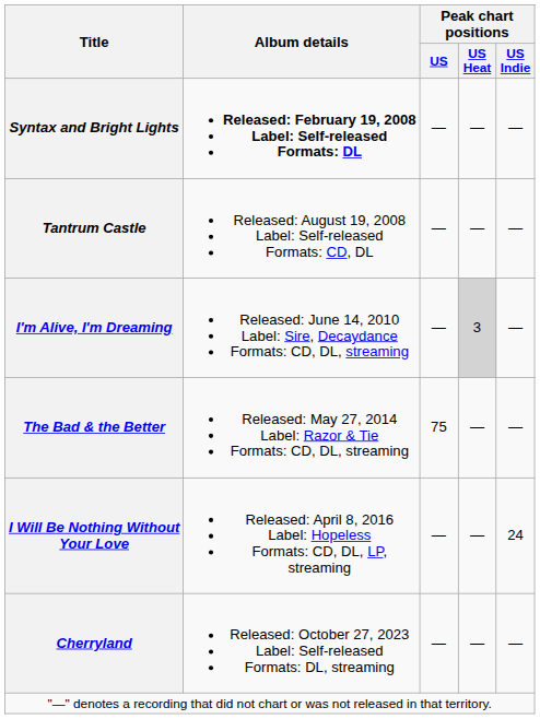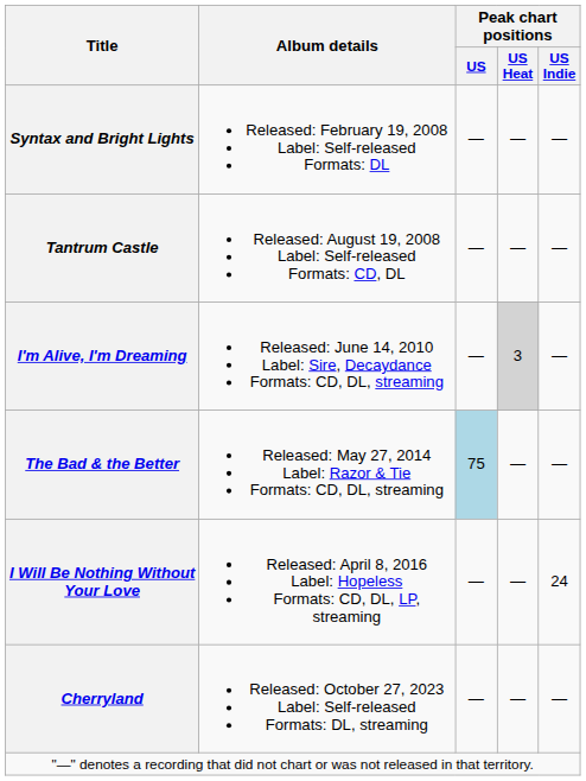 <table class="wikitable plainrowheaders" style="text-align:center;">
 <tr>
 <th scope="col" rowspan="2" style="width:12em;">Title</th>
 <th scope="col" rowspan="2" style="width:16em;">Album details</th>
 <th scope="col" colspan="3">Peak chart positions</th>
 </tr>
 <tr>
 <th scope="col" style="width:2.5em;font-size:90%;"><a href='#'>US</a><br></th>
 <th scope="col" style="width:2.5em;font-size:90%;"><a href='#'>US Heat</a><br></th>
 <th scope="col" style="width:2.5em;font-size:90%;"><a href='#'>US Indie</a><br></th>
 </tr>
 <tr>
 <th scope="row"><em>Syntax and Bright Lights</em></th>
-<td><strong><br><ul><li>Released: February 19, 2008</li><li>Label: Self-released</li><li>Formats: <a href='#'>DL</a></li></ul></strong></td>
+<td><br><ul><li>Released: February 19, 2008</li><li>Label: Self-released</li><li>Formats: <a href='#'>DL</a></li></ul></td>
 <td>—</td>
 <td>—</td>
 <td>—</td>
 </tr>
 <tr>
 <th scope="row"><em>Tantrum Castle</em></th>
 <td><br><ul><li>Released: August 19, 2008</li><li>Label: Self-released</li><li>Formats: <a href='#'>CD</a>, DL</li></ul></td>
 <td>—</td>
 <td>—</td>
 <td>—</td>
 </tr>
 <tr>
 <th scope="row"><em><a href='#'>I'm Alive, I'm Dreaming</a></em></th>
 <td><br><ul><li>Released: June 14, 2010</li><li>Label: <a href='#'>Sire</a>, <a href='#'>Decaydance</a></li><li>Formats: CD, DL, <a href='#'>streaming</a></li></ul></td>
 <td>—</td>
 <td style="background: lightgrey;">3</td>
 <td>—</td>
 </tr>
 <tr>
 <th scope="row"><em><a href='#'>The Bad & the Better</a></em></th>
 <td><br><ul><li>Released: May 27, 2014</li><li>Label: <a href='#'>Razor & Tie</a></li><li>Formats: CD, DL, streaming</li></ul></td>
-<td>75</td>
+<td style="background: lightblue;">75</td>
 <td>—</td>
 <td>—</td>
 </tr>
 <tr>
 <th scope="row"><em><a href='#'>I Will Be Nothing Without Your Love</a></em></th>
 <td><br><ul><li>Released: April 8, 2016</li><li>Label: <a href='#'>Hopeless</a></li><li>Formats: CD, DL, <a href='#'>LP</a>, streaming</li></ul></td>
 <td>—</td>
 <td>—</td>
 <td>24</td>
 </tr>
 <tr>
 <th scope="row"><em><a href='#'>Cherryland</a></em></th>
 <td><br><ul><li>Released: October 27, 2023</li><li>Label: Self-released</li><li>Formats: DL, streaming</li></ul></td>
 <td>—</td>
 <td>—</td>
 <td>—</td>
 </tr>
 <tr>
 <td colspan="12" style="font-size:90%">"—" denotes a recording that did not chart or was not released in that territory.</td>
 </tr>
 </table>
